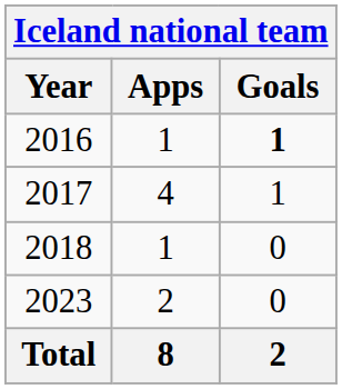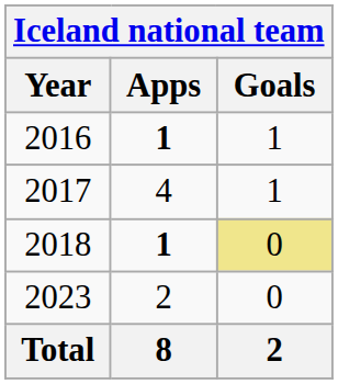 <table class="wikitable" style="text-align:center">
 <tr>
 <th colspan=5><a href='#'>Iceland national team</a></th>
 </tr>
 <tr>
 <th>Year</th>
 <th>Apps</th>
 <th>Goals</th>
 </tr>
 <tr>
 <td>2016</td>
+<td><strong>1</strong></td>
 <td>1</td>
-<td><strong>1</strong></td>
 </tr>
 <tr>
 <td>2017</td>
 <td>4</td>
 <td>1</td>
 </tr>
 <tr>
 <td>2018</td>
-<td>1</td>
-<td>0</td>
+<td><strong>1</strong></td>
+<td style="background: khaki;">0</td>
 </tr>
 <tr>
 <td>2023</td>
 <td>2</td>
 <td>0</td>
 </tr>
 <tr>
 <th>Total</th>
 <th>8</th>
 <th>2</th>
 </tr>
 </table>
